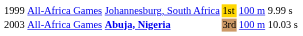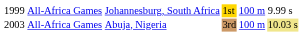 <table>
 <tr>
 <td>1999</td>
 <td><a href='#'>All-Africa Games</a></td>
 <td><a href='#'>Johannesburg, South Africa</a></td>
 <td bgcolor="gold">1st</td>
 <td><a href='#'>100 m</a></td>
 <td>9.99 s</td>
 </tr>
 <tr>
 <td>2003</td>
 <td><a href='#'>All-Africa Games</a></td>
-<td><strong><a href='#'>Abuja, Nigeria</a></strong></td>
+<td><a href='#'>Abuja, Nigeria</a></td>
 <td bgcolor="cc9966">3rd</td>
 <td><a href='#'>100 m</a></td>
-<td>10.03 s</td>
+<td style="background: khaki;">10.03 s</td>
 </tr>
 </table>
